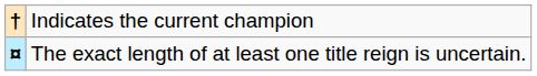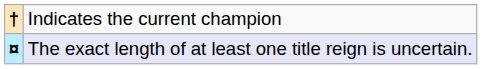 <table class="wikitable">
 <tr>
 <th style="background-color:#FFE6BD">†</th>
 <td>Indicates the current champion</td>
 </tr>
 <tr>
 <th style="background-color:#bbeeff">¤</th>
-<td>The exact length of at least one title reign is uncertain.</td>
+<td style="background: lavender;">The exact length of at least one title reign is uncertain.</td>
 </tr>
 </table>
